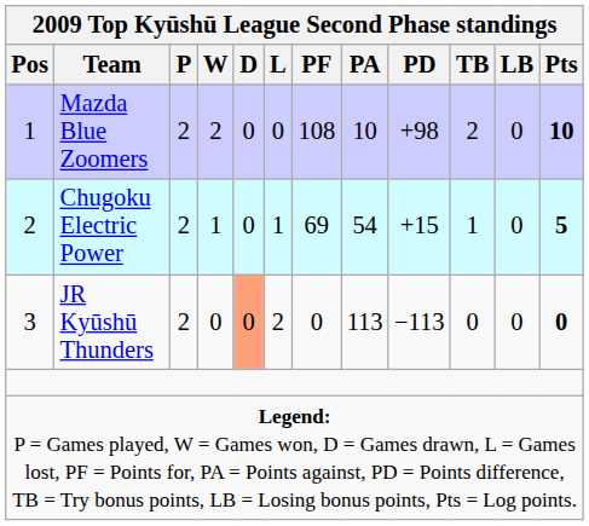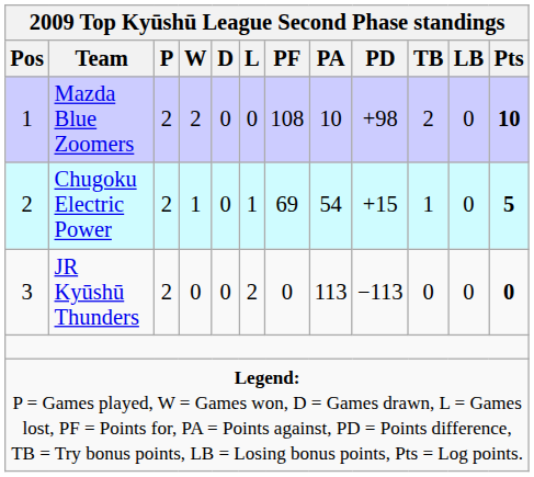 <table class="wikitable" style="text-align:center; font-size:100%; width:60%;">
 <tr>
 <th colspan="100%" cellpadding="0" cellspacing="0"><strong>2009 Top Kyūshū League Second Phase standings</strong></th>
 </tr>
 <tr>
 <th style="width:6%;">Pos</th>
 <th style="width:34%;">Team</th>
 <th style="width:6%;">P</th>
 <th style="width:6%;">W</th>
 <th style="width:6%;">D</th>
 <th style="width:6%;">L</th>
 <th style="width:6%;">PF</th>
 <th style="width:6%;">PA</th>
 <th style="width:6%;">PD</th>
 <th style="width:6%;">TB</th>
 <th style="width:6%;">LB</th>
 <th style="width:6%;">Pts<br></th>
 </tr>
 <tr style="background:#CCCCFF;">
 <td>1</td>
 <td style="text-align:left;"><a href='#'>Mazda Blue Zoomers</a></td>
 <td>2</td>
 <td>2</td>
 <td>0</td>
 <td>0</td>
 <td>108</td>
 <td>10</td>
 <td>+98</td>
 <td>2</td>
 <td>0</td>
 <td><strong>10</strong></td>
 </tr>
 <tr style="background:#CFFCFF;">
 <td>2</td>
 <td style="text-align:left;"><a href='#'>Chugoku Electric Power</a></td>
 <td>2</td>
 <td>1</td>
 <td>0</td>
 <td>1</td>
 <td>69</td>
 <td>54</td>
 <td>+15</td>
 <td>1</td>
 <td>0</td>
 <td><strong>5</strong></td>
 </tr>
 <tr>
 <td>3</td>
 <td style="text-align:left;"><a href='#'>JR Kyūshū Thunders</a></td>
 <td>2</td>
 <td>0</td>
-<td style="background: lightsalmon;">0</td>
+<td>0</td>
 <td>2</td>
 <td>0</td>
 <td>113</td>
 <td>−113</td>
 <td>0</td>
 <td>0</td>
 <td><strong>0</strong></td>
 </tr>
 <tr>
 <td colspan="100%" style="height:10px;"></td>
 </tr>
 <tr>
 <td colspan="100%"><small><strong>Legend:</strong> <br> P = Games played, W = Games won, D = Games drawn, L = Games lost, PF = Points for, PA = Points against, PD = Points difference, TB = Try bonus points, LB = Losing bonus points, Pts = Log points.</small></td>
 </tr>
 </table>
